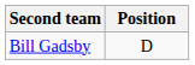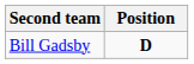 <table class="wikitable">
 <tr>
 <th>Second team</th>
 <th>  Position  </th>
 </tr>
 <tr>
 <td><a href='#'>Bill Gadsby</a></td>
-<td align=center>D</td>
+<td align=center><strong>D</strong></td>
 </tr>
 </table>
